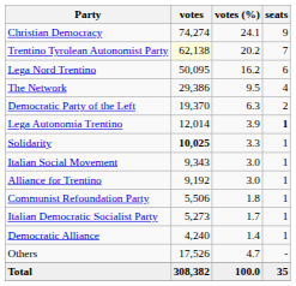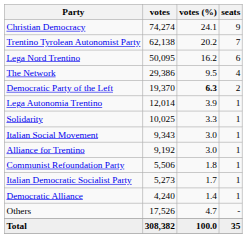 <table class="wikitable" style="font-size:95%">
 <tr bgcolor="EFEFEF">
 <th>Party</th>
 <th>votes</th>
 <th>votes (%)</th>
 <th>seats</th>
 </tr>
 <tr>
 <td><a href='#'>Christian Democracy</a></td>
 <td align=right>74,274</td>
 <td align=right>24.1</td>
 <td align=right>9</td>
 </tr>
 <tr>
 <td><a href='#'>Trentino Tyrolean Autonomist Party</a></td>
-<td align=right style="background: lightyellow;">62,138</td>
+<td align=right>62,138</td>
 <td align=right>20.2</td>
 <td align=right>7</td>
 </tr>
 <tr>
 <td><a href='#'>Lega Nord Trentino</a></td>
 <td align=right>50,095</td>
 <td align=right>16.2</td>
 <td align=right>6</td>
 </tr>
 <tr>
 <td><a href='#'>The Network</a></td>
 <td align=right>29,386</td>
 <td align=right>9.5</td>
 <td align=right>4</td>
 </tr>
 <tr>
 <td><a href='#'>Democratic Party of the Left</a></td>
 <td align=right>19,370</td>
-<td align=right>6.3</td>
+<td align=right><strong>6.3</strong></td>
 <td align=right>2</td>
 </tr>
 <tr>
 <td><a href='#'>Lega Autonomia Trentino</a></td>
 <td align=right>12,014</td>
 <td align=right>3.9</td>
-<td align=right><strong>1</strong></td>
+<td align=right>1</td>
 </tr>
 <tr>
 <td><a href='#'>Solidarity</a></td>
-<td align=right><strong>10,025</strong></td>
+<td align=right>10,025</td>
 <td align=right>3.3</td>
 <td align=right>1</td>
 </tr>
 <tr>
 <td><a href='#'>Italian Social Movement</a></td>
 <td align=right>9,343</td>
 <td align=right>3.0</td>
 <td align=right>1</td>
 </tr>
 <tr>
 <td><a href='#'>Alliance for Trentino</a></td>
 <td align=right>9,192</td>
 <td align=right>3.0</td>
 <td align=right>1</td>
 </tr>
 <tr>
 <td><a href='#'>Communist Refoundation Party</a></td>
 <td align=right>5,506</td>
 <td align=right>1.8</td>
 <td align=right>1</td>
 </tr>
 <tr>
 <td><a href='#'>Italian Democratic Socialist Party</a></td>
 <td align=right>5,273</td>
 <td align=right>1.7</td>
 <td align=right>1</td>
 </tr>
 <tr>
 <td><a href='#'>Democratic Alliance</a></td>
 <td align=right>4,240</td>
 <td align=right>1.4</td>
 <td align=right>1</td>
 </tr>
 <tr>
 <td>Others</td>
 <td align=right>17,526</td>
 <td align=right>4.7</td>
 <td align=right>-</td>
 </tr>
 <tr>
 </tr>
 <tr bgcolor="EFEFEF">
 <td><strong>Total</strong></td>
 <td align=right><strong>308,382</strong></td>
 <td align=right><strong>100.0</strong></td>
 <td align=right><strong>35</strong></td>
 </tr>
 <tr>
 </tr>
 </table>
